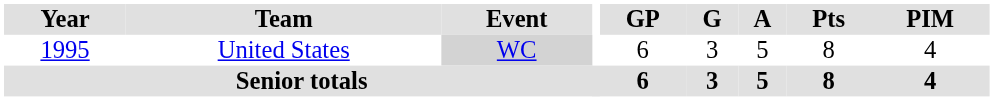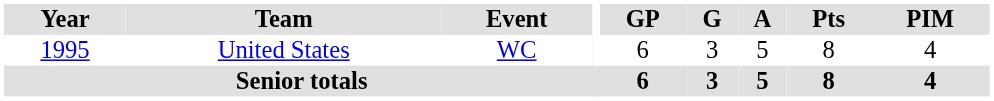 <table border="0" cellpadding="1" cellspacing="0" ID="Table3" style="text-align:center; width:40em">
 <tr bgcolor="#e0e0e0">
 <th>Year</th>
 <th>Team</th>
 <th>Event</th>
 <th rowspan="102" bgcolor="#ffffff"></th>
 <th>GP</th>
 <th>G</th>
 <th>A</th>
 <th>Pts</th>
 <th>PIM</th>
 </tr>
 <tr>
 <td><a href='#'>1995</a></td>
 <td><a href='#'>United States</a></td>
-<td style="background: lightgrey;"><a href='#'>WC</a></td>
+<td><a href='#'>WC</a></td>
 <td>6</td>
 <td>3</td>
 <td>5</td>
 <td>8</td>
 <td>4</td>
 </tr>
 <tr bgcolor="#e0e0e0">
 <th colspan="4">Senior totals</th>
 <th>6</th>
 <th>3</th>
 <th>5</th>
 <th>8</th>
 <th>4</th>
 </tr>
 </table>
